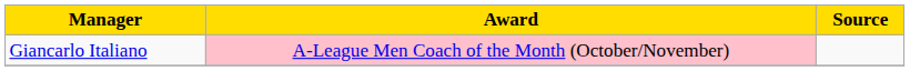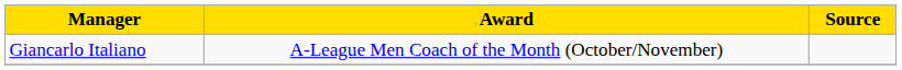 <table class="wikitable" style="text-align:center; width:60%;">
 <tr>
 <th scope="col" style="background:#ffdd00; color:black">Manager</th>
 <th scope="col" style="background:#ffdd00; color:black">Award</th>
 <th scope="col" style="background:#ffdd00; color:black">Source</th>
 </tr>
 <tr>
 <td align="left"> <a href='#'>Giancarlo Italiano</a></td>
-<td style="background: pink;"><a href='#'>A-League Men Coach of the Month</a> (October/November)</td>
+<td><a href='#'>A-League Men Coach of the Month</a> (October/November)</td>
 <td></td>
 </tr>
 <tr>
 </tr>
 </table>
